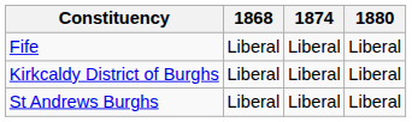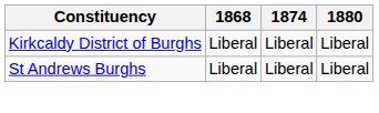 <table class="wikitable">
 <tr>
 <th>Constituency</th>
 <th>1868</th>
 <th>1874</th>
 <th>1880</th>
-</tr>
-<tr>
-<td><a href='#'>Fife</a></td>
-<td>Liberal</td>
-<td>Liberal</td>
-<td>Liberal</td>
 </tr>
 <tr>
 <td><a href='#'>Kirkcaldy District of Burghs</a></td>
 <td>Liberal</td>
 <td>Liberal</td>
 <td>Liberal</td>
 </tr>
 <tr>
 <td><a href='#'>St Andrews Burghs</a></td>
 <td>Liberal</td>
 <td>Liberal</td>
 <td>Liberal</td>
 </tr>
 </table>
